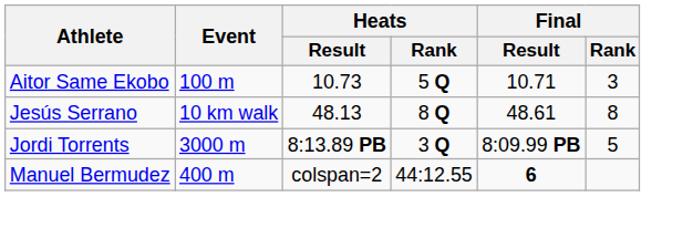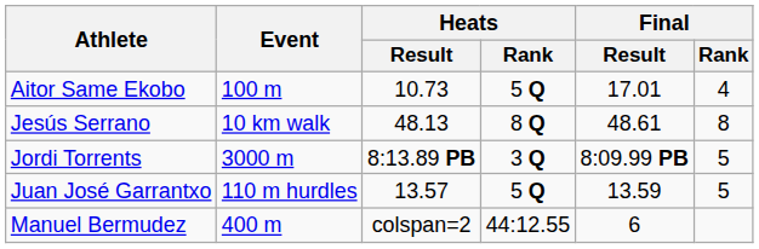 <table class="wikitable" style="font-size:90%">
 <tr>
 <th rowspan=2>Athlete</th>
 <th rowspan=2>Event</th>
 <th colspan=2>Heats</th>
 <th colspan=2>Final</th>
 </tr>
 <tr style="font-size:95%">
 <th>Result</th>
 <th>Rank</th>
 <th>Result</th>
 <th>Rank</th>
 </tr>
 <tr align=center>
 <td align=left><a href='#'>Aitor Same Ekobo</a></td>
 <td align=left><a href='#'>100 m</a></td>
 <td>10.73</td>
 <td>5 <strong>Q</strong></td>
-<td>10.71</td>
-<td>3</td>
+<td>17.01</td>
+<td>4</td>
 </tr>
 <tr align=center>
 <td align=left><a href='#'>Jesús Serrano</a></td>
 <td align=left><a href='#'>10 km walk</a></td>
 <td>48.13</td>
 <td>8 <strong>Q</strong></td>
 <td>48.61</td>
 <td>8</td>
 </tr>
 <tr align=center>
 <td align=left><a href='#'>Jordi Torrents</a></td>
 <td align=left><a href='#'>3000 m</a></td>
 <td>8:13.89 <strong>PB</strong></td>
 <td>3 <strong>Q</strong></td>
 <td>8:09.99 <strong>PB</strong></td>
 <td>5</td>
 </tr>
 <tr align=center>
+<td align=left><a href='#'>Juan José Garrantxo</a></td>
+<td align=left><a href='#'>110 m hurdles</a></td>
+<td>13.57</td>
+<td>5 <strong>Q</strong></td>
+<td>13.59</td>
+<td>5</td>
+</tr>
+<tr align=center>
 <td align=left><a href='#'>Manuel Bermudez</a></td>
 <td align=left><a href='#'>400 m</a></td>
 <td>colspan=2 </td>
 <td>44:12.55</td>
-<td><strong>6</strong></td>
+<td>6</td>
 </tr>
 </table>
